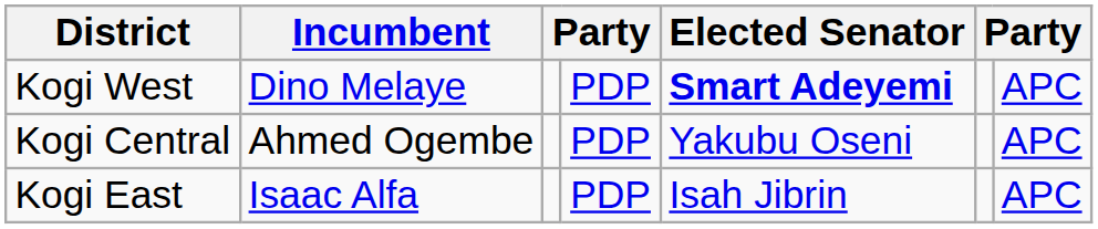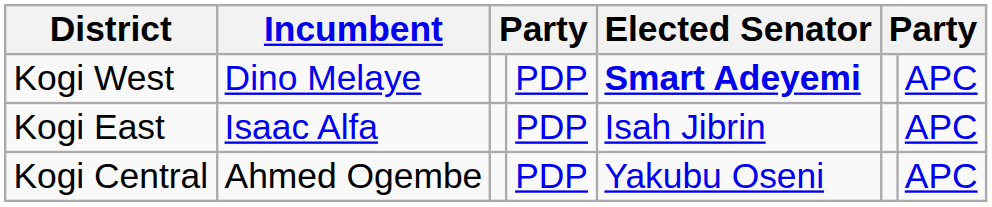 <table class="sortable wikitable" style="font-size:95%;line-height:14px;">
 <tr>
 <th class="unsortable">District</th>
 <th class="unsortable"><a href='#'>Incumbent</a></th>
 <th colspan="2">Party</th>
 <th class="unsortable">Elected Senator</th>
 <th colspan="2">Party</th>
 </tr>
 <tr>
 <td>Kogi West</td>
 <td><a href='#'>Dino Melaye</a></td>
 <td style="background:"></td>
 <td><a href='#'>PDP</a></td>
 <td><strong><a href='#'>Smart Adeyemi</a></strong></td>
 <td style="background:"></td>
 <td><a href='#'>APC</a></td>
 </tr>
 <tr>
+<td>Kogi East</td>
+<td><a href='#'>Isaac Alfa</a></td>
+<td style="background:"></td>
+<td><a href='#'>PDP</a></td>
+<td><a href='#'>Isah Jibrin</a></td>
+<td style="background:"></td>
+<td><a href='#'>APC</a></td>
+</tr>
+<tr>
 <td>Kogi Central</td>
 <td>Ahmed Ogembe</td>
 <td style="background:"></td>
 <td><a href='#'>PDP</a></td>
 <td><a href='#'>Yakubu Oseni</a></td>
 <td style="background:"></td>
 <td><a href='#'>APC</a></td>
 </tr>
-<tr>
-<td>Kogi East</td>
-<td><a href='#'>Isaac Alfa</a></td>
-<td style="background:"></td>
-<td><a href='#'>PDP</a></td>
-<td><a href='#'>Isah Jibrin</a></td>
-<td style="background:"></td>
-<td><a href='#'>APC</a></td>
-</tr>
 </table>
